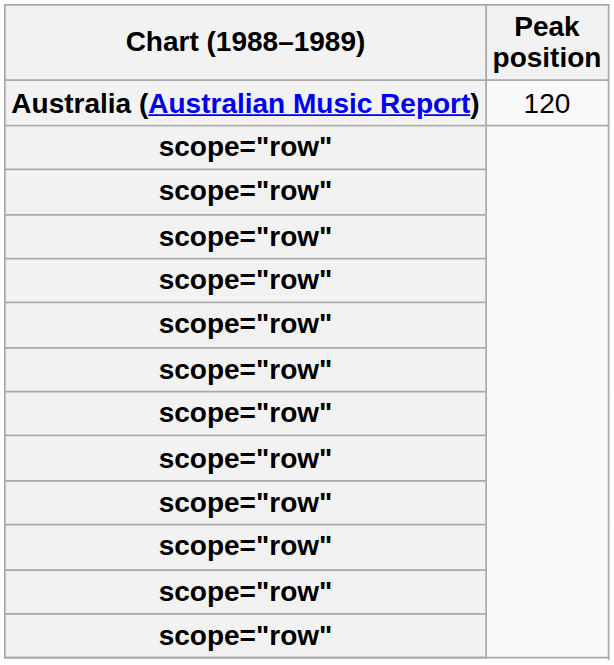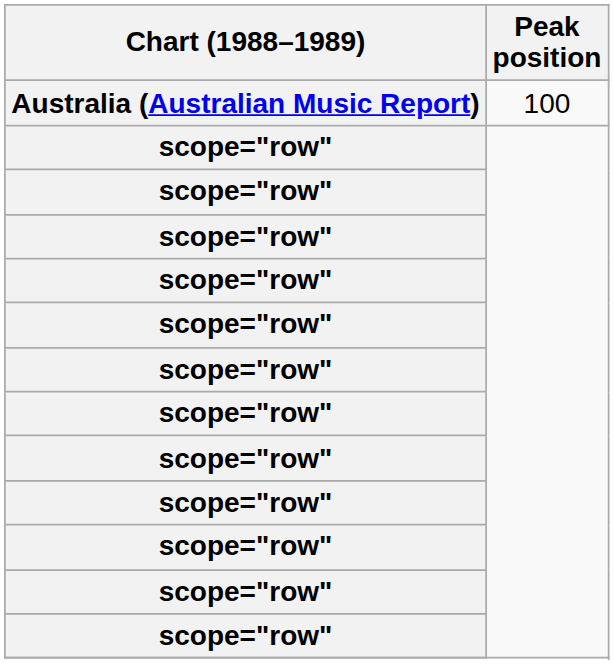 <table class="wikitable sortable plainrowheaders">
 <tr>
 <th scope="col">Chart (1988–1989)</th>
 <th scope="col">Peak<br>position</th>
 </tr>
 <tr>
 <th scope="row">Australia (<a href='#'>Australian Music Report</a>)</th>
-<td align="center">120</td>
+<td align="center">100</td>
 </tr>
 <tr>
 <th>scope="row"</th>
 </tr>
 <tr>
 <th>scope="row" </th>
 </tr>
 <tr>
 <th>scope="row"</th>
 </tr>
 <tr>
 <th>scope="row"</th>
 </tr>
 <tr>
 <th>scope="row"</th>
 </tr>
 <tr>
 <th>scope="row"</th>
 </tr>
 <tr>
 <th>scope="row" </th>
 </tr>
 <tr>
 <th>scope="row" </th>
 </tr>
 <tr>
 <th>scope="row" </th>
 </tr>
 <tr>
 <th>scope="row" </th>
 </tr>
 <tr>
 <th>scope="row" </th>
 </tr>
 <tr>
 <th>scope="row" </th>
 </tr>
 <tr>
 </tr>
 </table>
